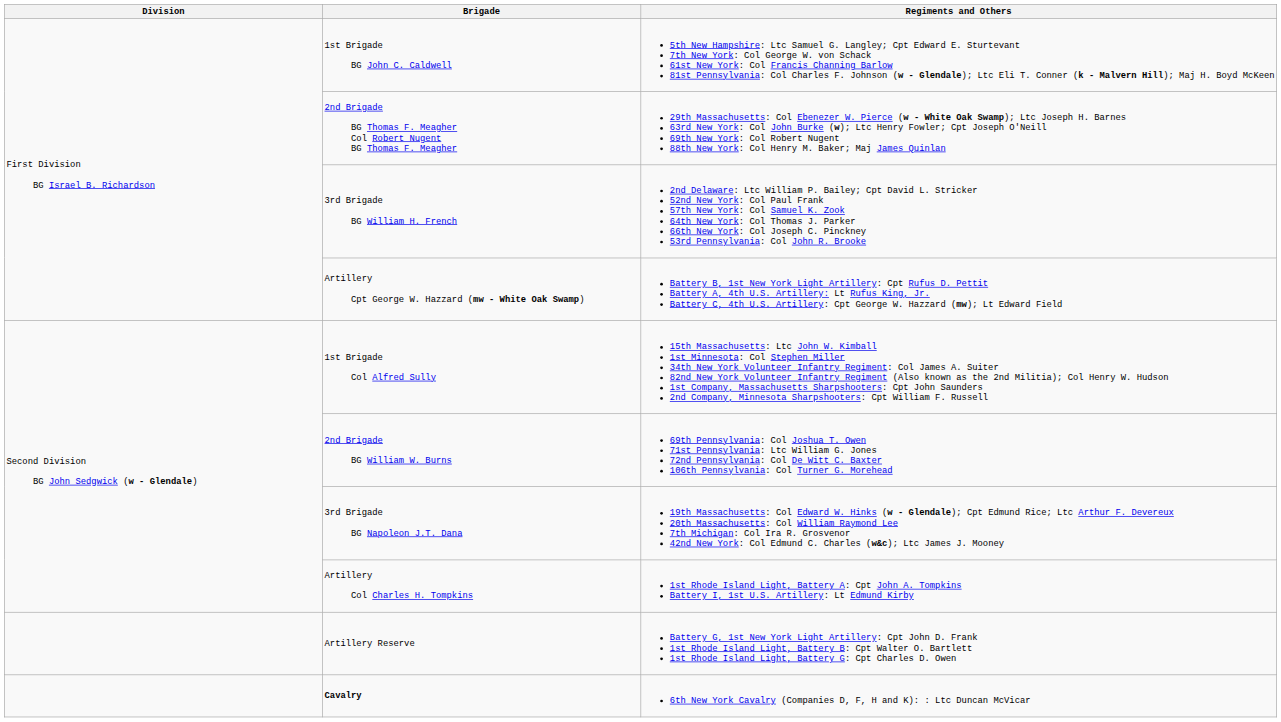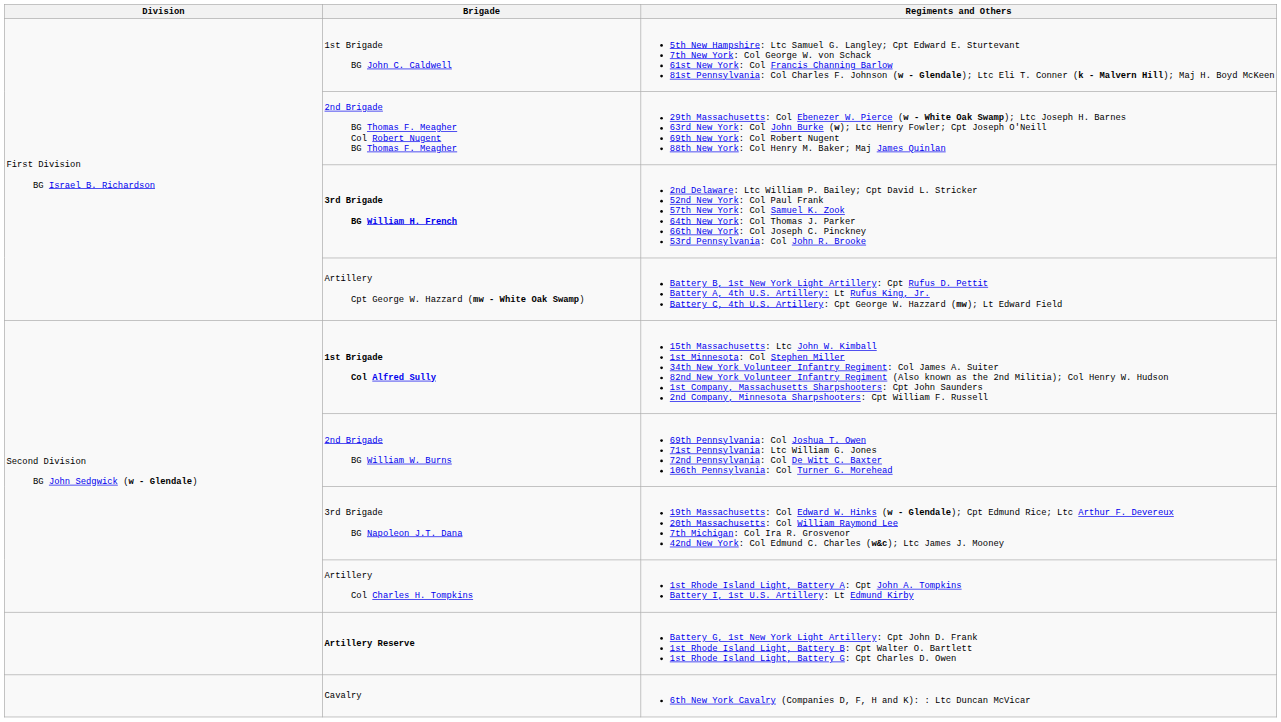 <table class="wikitable">
 <tr>
 <th width=25%>Division</th>
 <th width=25%>Brigade</th>
 <th>Regiments and Others</th>
 </tr>
 <tr>
 <td rowspan=4><br>First Division<br><br>     BG <a href='#'>Israel B. Richardson</a></td>
 <td>1st Brigade<br><br>     BG <a href='#'>John C. Caldwell</a></td>
 <td><br><ul><li><a href='#'>5th New Hampshire</a>: Ltc Samuel G. Langley; Cpt Edward E. Sturtevant</li><li><a href='#'>7th New York</a>: Col George W. von Schack</li><li><a href='#'>61st New York</a>: Col <a href='#'>Francis Channing Barlow</a></li><li><a href='#'>81st Pennsylvania</a>: Col Charles F. Johnson (<strong>w - Glendale</strong>); Ltc Eli T. Conner (<strong>k - Malvern Hill</strong>); Maj H. Boyd McKeen</li></ul></td>
 </tr>
 <tr>
 <td><a href='#'>2nd Brigade</a><br><br>     BG <a href='#'>Thomas F. Meagher</a> <br>     Col <a href='#'>Robert Nugent</a> <br>     BG <a href='#'>Thomas F. Meagher</a><br></td>
 <td><br><ul><li><a href='#'>29th Massachusetts</a>: Col <a href='#'>Ebenezer W. Pierce</a> (<strong>w - White Oak Swamp</strong>); Ltc Joseph H. Barnes</li><li><a href='#'>63rd New York</a>: Col <a href='#'>John Burke</a> (<strong>w</strong>); Ltc Henry Fowler; Cpt Joseph O'Neill</li><li><a href='#'>69th New York</a>: Col Robert Nugent</li><li><a href='#'>88th New York</a>: Col Henry M. Baker; Maj <a href='#'>James Quinlan</a></li></ul></td>
 </tr>
 <tr>
-<td>3rd Brigade<br><br>     BG <a href='#'>William H. French</a></td>
+<td><strong>3rd Brigade<br><br>     BG <a href='#'>William H. French</a></strong></td>
 <td><br><ul><li><a href='#'>2nd Delaware</a>: Ltc William P. Bailey; Cpt David L. Stricker</li><li><a href='#'>52nd New York</a>: Col Paul Frank</li><li><a href='#'>57th New York</a>: Col <a href='#'>Samuel K. Zook</a></li><li><a href='#'>64th New York</a>: Col Thomas J. Parker</li><li><a href='#'>66th New York</a>: Col Joseph C. Pinckney</li><li><a href='#'>53rd Pennsylvania</a>: Col <a href='#'>John R. Brooke</a></li></ul></td>
 </tr>
 <tr>
 <td>Artillery<br><br>     Cpt George W. Hazzard (<strong>mw - White Oak Swamp</strong>)</td>
 <td><br><ul><li><a href='#'>Battery B, 1st New York Light Artillery</a>: Cpt <a href='#'>Rufus D. Pettit</a></li><li><a href='#'>Battery A, 4th U.S. Artillery:</a> Lt <a href='#'>Rufus King, Jr.</a></li><li><a href='#'>Battery C, 4th U.S. Artillery</a>: Cpt George W. Hazzard (<strong>mw</strong>); Lt Edward Field</li></ul></td>
 </tr>
 <tr>
 <td rowspan=4><br>Second Division<br><br>     BG <a href='#'>John Sedgwick</a> (<strong>w - Glendale</strong>)</td>
-<td>1st Brigade<br><br>     Col <a href='#'>Alfred Sully</a></td>
+<td><strong>1st Brigade<br><br>     Col <a href='#'>Alfred Sully</a></strong></td>
 <td><br><ul><li><a href='#'>15th Massachusetts</a>: Ltc <a href='#'>John W. Kimball</a></li><li><a href='#'>1st Minnesota</a>: Col <a href='#'>Stephen Miller</a></li><li><a href='#'>34th New York Volunteer Infantry Regiment</a>: Col James A. Suiter</li><li><a href='#'>82nd New York Volunteer Infantry Regiment</a> (Also known as the 2nd Militia); Col Henry W. Hudson</li><li><a href='#'>1st Company, Massachusetts Sharpshooters</a>: Cpt John Saunders</li><li><a href='#'>2nd Company, Minnesota Sharpshooters</a>: Cpt William F. Russell</li></ul></td>
 </tr>
 <tr>
 <td><a href='#'>2nd Brigade</a><br><br>     BG <a href='#'>William W. Burns</a></td>
 <td><br><ul><li><a href='#'>69th Pennsylvania</a>: Col <a href='#'>Joshua T. Owen</a></li><li><a href='#'>71st Pennsylvania</a>: Ltc William G. Jones</li><li><a href='#'>72nd Pennsylvania</a>: Col <a href='#'>De Witt C. Baxter</a></li><li><a href='#'>106th Pennsylvania</a>: Col <a href='#'>Turner G. Morehead</a></li></ul></td>
 </tr>
 <tr>
 <td>3rd Brigade<br><br>     BG <a href='#'>Napoleon J.T. Dana</a></td>
 <td><br><ul><li><a href='#'>19th Massachusetts</a>: Col <a href='#'>Edward W. Hinks</a> (<strong>w - Glendale</strong>); Cpt Edmund Rice; Ltc <a href='#'>Arthur F. Devereux</a></li><li><a href='#'>20th Massachusetts</a>: Col <a href='#'>William Raymond Lee</a></li><li><a href='#'>7th Michigan</a>: Col Ira R. Grosvenor</li><li><a href='#'>42nd New York</a>: Col Edmund C. Charles (<strong>w&c</strong>); Ltc James J. Mooney</li></ul></td>
 </tr>
 <tr>
 <td>Artillery<br><br>     Col <a href='#'>Charles H. Tompkins</a></td>
 <td><br><ul><li><a href='#'>1st Rhode Island Light, Battery A</a>: Cpt <a href='#'>John A. Tompkins</a></li><li><a href='#'>Battery I, 1st U.S. Artillery</a>: Lt <a href='#'>Edmund Kirby</a></li></ul></td>
 </tr>
 <tr>
 <td></td>
-<td>Artillery Reserve</td>
+<td><strong>Artillery Reserve</strong></td>
 <td><br><ul><li><a href='#'>Battery G, 1st New York Light Artillery</a>: Cpt John D. Frank</li><li><a href='#'>1st Rhode Island Light, Battery B</a>: Cpt Walter O. Bartlett</li><li><a href='#'>1st Rhode Island Light, Battery G</a>: Cpt Charles D. Owen</li></ul></td>
 </tr>
 <tr>
 <td></td>
-<td><strong>Cavalry</strong></td>
+<td>Cavalry</td>
 <td><br><ul><li><a href='#'>6th New York Cavalry</a> (Companies D, F, H and K): : Ltc Duncan McVicar</li></ul></td>
 </tr>
 </table>
